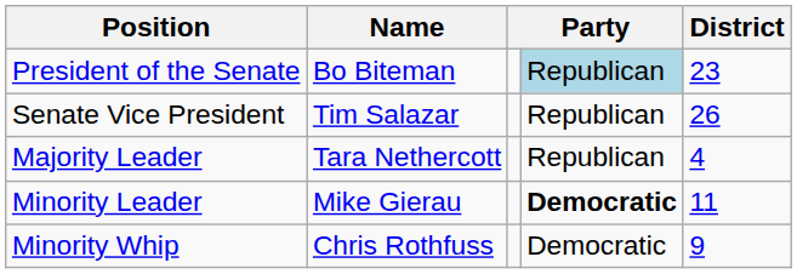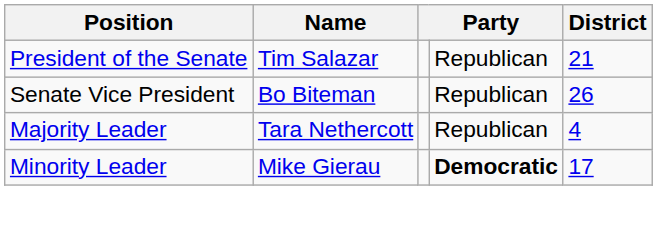 <table class=wikitable>
 <tr>
 <th>Position</th>
 <th>Name</th>
 <th colspan = 2>Party</th>
 <th>District</th>
 </tr>
 <tr>
 <td><a href='#'>President of the Senate</a></td>
-<td><a href='#'>Bo Biteman</a></td>
+<td><a href='#'>Tim Salazar</a></td>
 <td style="background:"></td>
-<td style="background: lightblue;">Republican</td>
-<td><a href='#'> 23</a></td>
+<td>Republican</td>
+<td><a href='#'> 21</a></td>
 </tr>
 <tr>
 <td>Senate Vice President</td>
-<td><a href='#'>Tim Salazar</a></td>
+<td><a href='#'>Bo Biteman</a></td>
 <td style="background:"></td>
 <td>Republican</td>
 <td><a href='#'>26</a></td>
 </tr>
 <tr>
 <td><a href='#'>Majority Leader</a></td>
 <td><a href='#'>Tara Nethercott</a></td>
 <td style="background:"></td>
 <td>Republican</td>
 <td><a href='#'>4</a></td>
 </tr>
 <tr>
 <td><a href='#'>Minority Leader</a></td>
 <td><a href='#'>Mike Gierau</a></td>
 <td style="background:"></td>
 <td><strong>Democratic</strong></td>
-<td><a href='#'>11</a></td>
-</tr>
-<tr>
-<td><a href='#'>Minority Whip</a></td>
-<td><a href='#'>Chris Rothfuss</a></td>
-<td style="background:"></td>
-<td>Democratic</td>
-<td><a href='#'>9</a></td>
+<td><a href='#'>17</a></td>
 </tr>
 </table>
